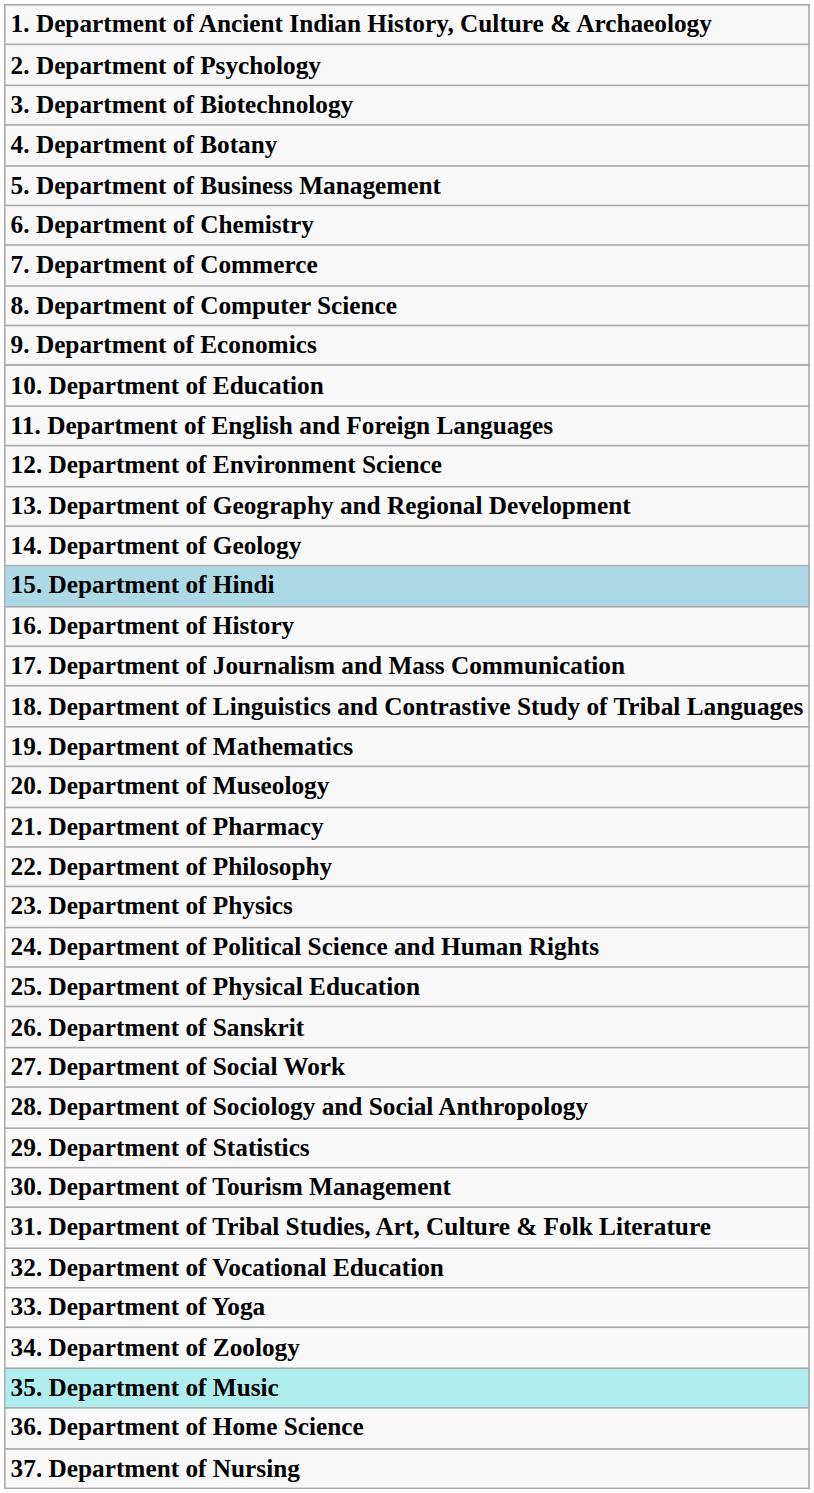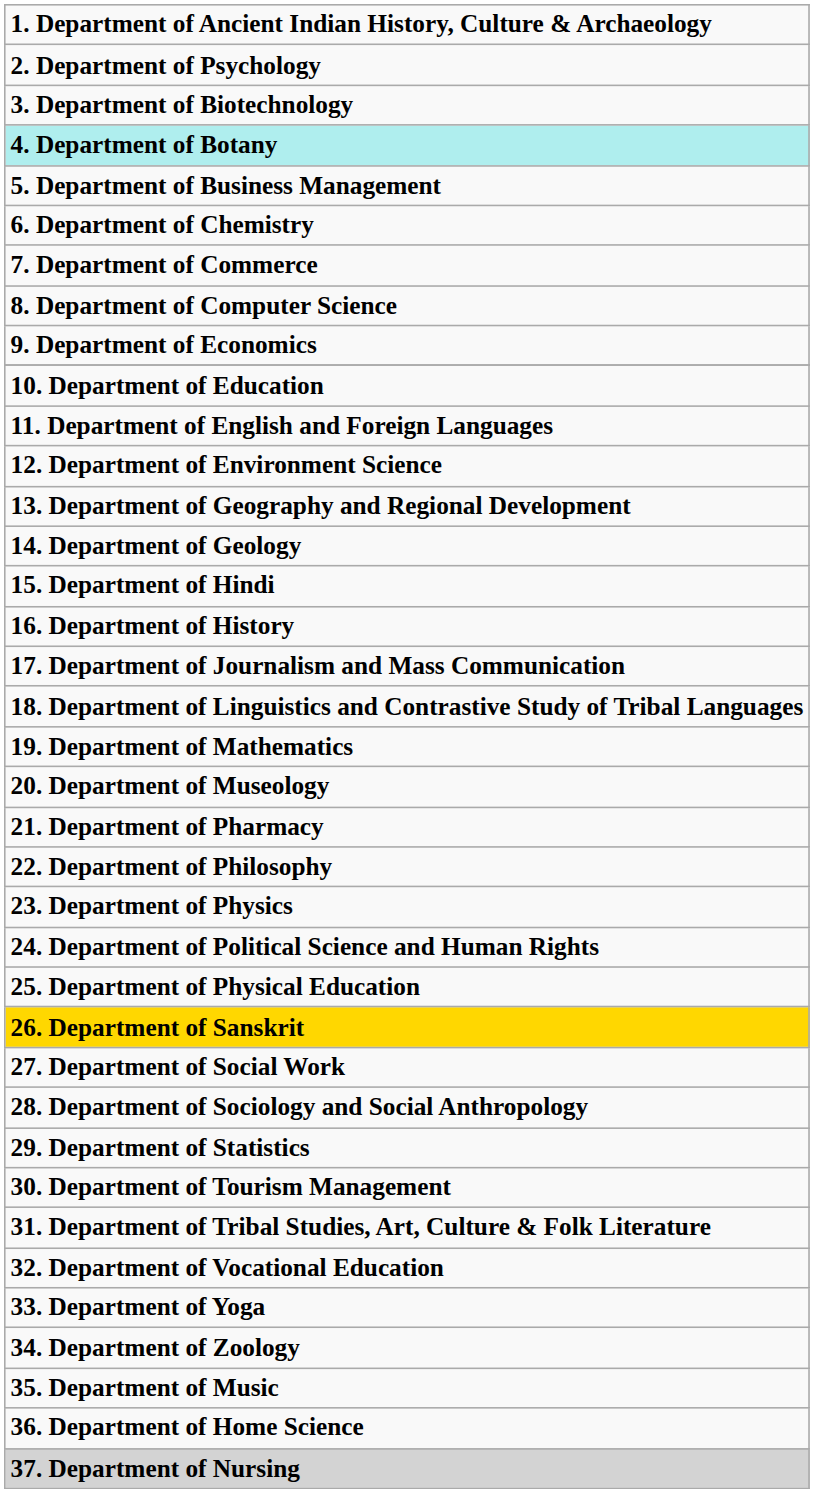 <table class="wikitable">
 <tr>
 <td><strong>1. Department of Ancient Indian History, Culture & Archaeology</strong></td>
 </tr>
 <tr>
 <td><strong>2. Department of Psychology</strong></td>
 </tr>
 <tr>
 <td><strong>3. Department of Biotechnology</strong></td>
 </tr>
 <tr>
-<td><strong>4. Department of Botany</strong></td>
+<td style="background: paleturquoise;"><strong>4. Department of Botany</strong></td>
 </tr>
 <tr>
 <td><strong>5. Department of Business Management</strong></td>
 </tr>
 <tr>
 <td><strong>6. Department of Chemistry</strong></td>
 </tr>
 <tr>
 <td><strong>7. Department of Commerce</strong></td>
 </tr>
 <tr>
 <td><strong>8. Department of Computer Science</strong></td>
 </tr>
 <tr>
 <td><strong>9. Department of Economics</strong></td>
 </tr>
 <tr>
 </tr>
 <tr>
 <td><strong>10. Department of Education</strong></td>
 </tr>
 <tr>
 <td><strong>11. Department of English and Foreign Languages</strong></td>
 </tr>
 <tr>
 <td><strong>12. Department of Environment Science</strong></td>
 </tr>
 <tr>
 <td><strong>13. Department of Geography and Regional Development</strong></td>
 </tr>
 <tr>
 <td><strong>14. Department of Geology</strong></td>
 </tr>
 <tr>
-<td style="background: lightblue;"><strong>15. Department of Hindi</strong></td>
+<td><strong>15. Department of Hindi</strong></td>
 </tr>
 <tr>
 <td><strong>16. Department of History</strong></td>
 </tr>
 <tr>
 <td><strong>17. Department of Journalism and Mass Communication</strong></td>
 </tr>
 <tr>
 <td><strong>18. Department of Linguistics and Contrastive Study of Tribal Languages</strong></td>
 </tr>
 <tr>
 <td><strong>19. Department of Mathematics</strong></td>
 </tr>
 <tr>
 <td><strong>20. Department of Museology</strong></td>
 </tr>
 <tr>
 <td><strong>21. Department of Pharmacy</strong></td>
 </tr>
 <tr>
 <td><strong>22. Department of Philosophy</strong></td>
 </tr>
 <tr>
 <td><strong>23. Department of Physics</strong></td>
 </tr>
 <tr>
 <td><strong>24. Department of Political Science and Human Rights</strong></td>
 </tr>
 <tr>
 <td><strong>25. Department of Physical Education</strong></td>
 </tr>
 <tr>
-<td><strong>26. Department of Sanskrit</strong></td>
+<td style="background: gold;"><strong>26. Department of Sanskrit</strong></td>
 </tr>
 <tr>
 <td><strong>27. Department of Social Work</strong></td>
 </tr>
 <tr>
 <td><strong>28. Department of Sociology and Social Anthropology</strong></td>
 </tr>
 <tr>
 <td><strong>29. Department of Statistics</strong></td>
 </tr>
 <tr>
 <td><strong>30. Department of Tourism Management</strong></td>
 </tr>
 <tr>
 <td><strong>31. Department of Tribal Studies, Art, Culture & Folk Literature</strong></td>
 </tr>
 <tr>
 <td><strong>32. Department of Vocational Education</strong></td>
 </tr>
 <tr>
 <td><strong>33. Department of Yoga</strong></td>
 </tr>
 <tr>
 <td><strong>34. Department of Zoology</strong></td>
 </tr>
 <tr>
-<td style="background: paleturquoise;"><strong>35. Department of Music</strong></td>
+<td><strong>35. Department of Music</strong></td>
 </tr>
 <tr>
 <td><strong>36. Department of Home Science</strong></td>
 </tr>
 <tr>
-<td><strong>37. Department of Nursing</strong> </td>
+<td style="background: lightgrey;"><strong>37. Department of Nursing</strong> </td>
 </tr>
 </table>
